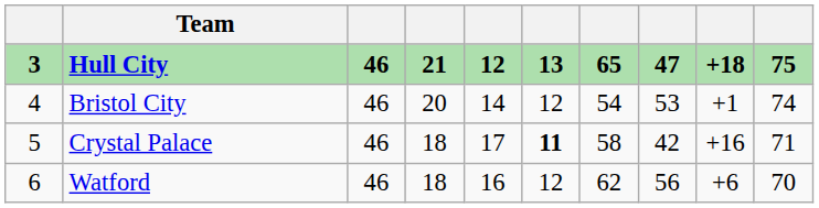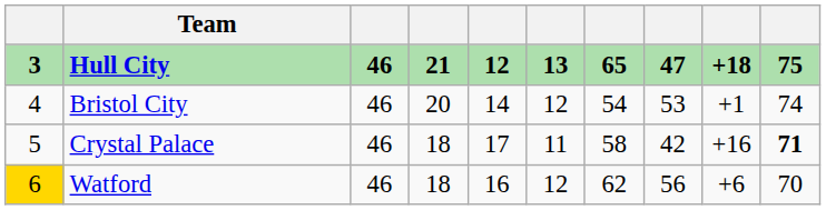 <table class="wikitable" style="text-align:center">
 <tr>
 <th width="30"></th>
 <th width="175">Team</th>
 <th width="30"></th>
 <th width="30"></th>
 <th width="30"></th>
 <th width="30"></th>
 <th width="30"></th>
 <th width="30"></th>
 <th width="30"></th>
 <th width="30"></th>
 </tr>
 <tr style="background:#addfad;">
 <td><strong>3</strong></td>
 <td align=left><strong><a href='#'>Hull City</a></strong></td>
 <td><strong>46</strong></td>
 <td><strong>21</strong></td>
 <td><strong>12</strong></td>
 <td><strong>13</strong></td>
 <td><strong>65</strong></td>
 <td><strong>47</strong></td>
 <td><strong>+18</strong></td>
 <td><strong>75</strong></td>
 </tr>
 <tr>
 <td>4</td>
 <td align=left><a href='#'>Bristol City</a></td>
 <td>46</td>
 <td>20</td>
 <td>14</td>
 <td>12</td>
 <td>54</td>
 <td>53</td>
 <td>+1</td>
 <td>74</td>
 </tr>
 <tr>
 <td>5</td>
 <td align=left><a href='#'>Crystal Palace</a></td>
 <td>46</td>
 <td>18</td>
 <td>17</td>
-<td><strong>11</strong></td>
+<td>11</td>
 <td>58</td>
 <td>42</td>
 <td>+16</td>
-<td>71</td>
+<td><strong>71</strong></td>
 </tr>
 <tr>
-<td>6</td>
+<td style="background: gold;">6</td>
 <td align=left><a href='#'>Watford</a></td>
 <td>46</td>
 <td>18</td>
 <td>16</td>
 <td>12</td>
 <td>62</td>
 <td>56</td>
 <td>+6</td>
 <td>70</td>
 </tr>
 </table>
